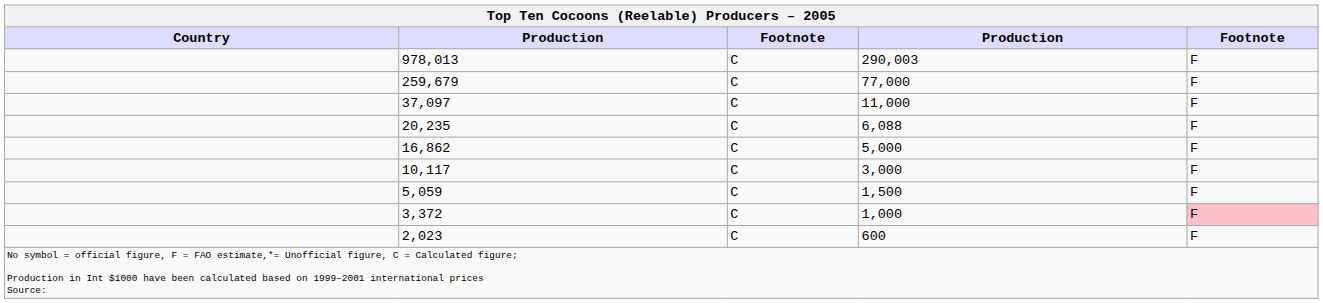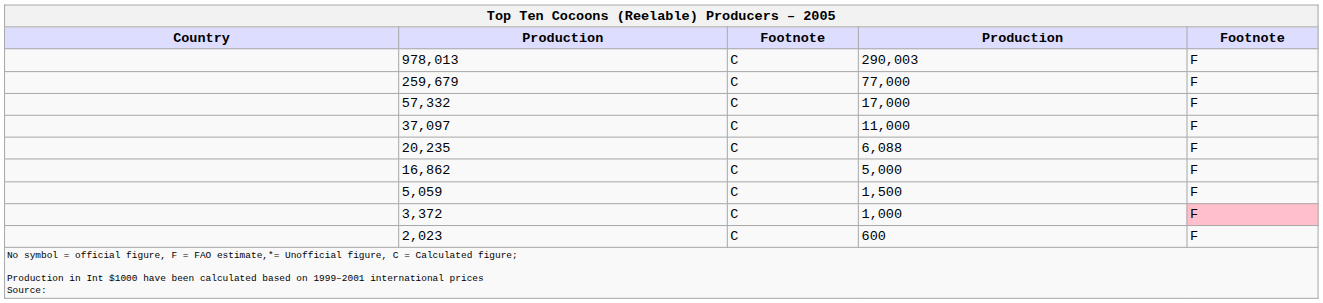 <table class="wikitable" style="width:100%; float:left; clear:left;">
 <tr>
 <th colspan=5>Top Ten Cocoons (Reelable) Producers – 2005</th>
 </tr>
 <tr>
 <th style="background:#ddf; width:30%;">Country</th>
 <th style="background:#ddf; width:25%;">Production </th>
 <th style="background:#ddf; width:10%;">Footnote</th>
 <th style="background:#ddf; width:25%;">Production </th>
 <th style="background:#ddf; width:10%;">Footnote</th>
 </tr>
 <tr>
 <td></td>
 <td>978,013</td>
 <td>C</td>
 <td>290,003</td>
 <td>F</td>
 </tr>
 <tr>
 <td></td>
 <td>259,679</td>
 <td>C</td>
 <td>77,000</td>
 <td>F</td>
 </tr>
 <tr>
 <td></td>
+<td>57,332</td>
+<td>C</td>
+<td>17,000</td>
+<td>F</td>
+</tr>
+<tr>
+<td></td>
 <td>37,097</td>
 <td>C</td>
 <td>11,000</td>
 <td>F</td>
 </tr>
 <tr>
 <td></td>
 <td>20,235</td>
 <td>C</td>
 <td>6,088</td>
 <td>F</td>
 </tr>
 <tr>
 <td></td>
 <td>16,862</td>
 <td>C</td>
 <td>5,000</td>
-<td>F</td>
-</tr>
-<tr>
-<td></td>
-<td>10,117</td>
-<td>C</td>
-<td>3,000</td>
 <td>F</td>
 </tr>
 <tr>
 <td></td>
 <td>5,059</td>
 <td>C</td>
 <td>1,500</td>
 <td>F</td>
 </tr>
 <tr>
 <td></td>
 <td>3,372</td>
 <td>C</td>
 <td>1,000</td>
 <td style="background: pink;">F</td>
 </tr>
 <tr>
 <td></td>
 <td>2,023</td>
 <td>C</td>
 <td>600</td>
 <td>F</td>
 </tr>
 <tr>
 <td colspan=5 style="font-size:.7em">No symbol = official figure, F = FAO estimate,*= Unofficial figure, C = Calculated figure;<br><br>Production in Int $1000 have been calculated based on 1999–2001 international prices<br> Source: </td>
 </tr>
 </table>
